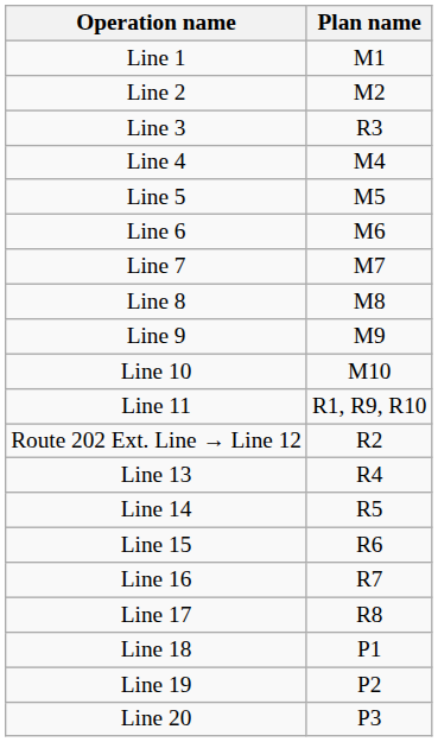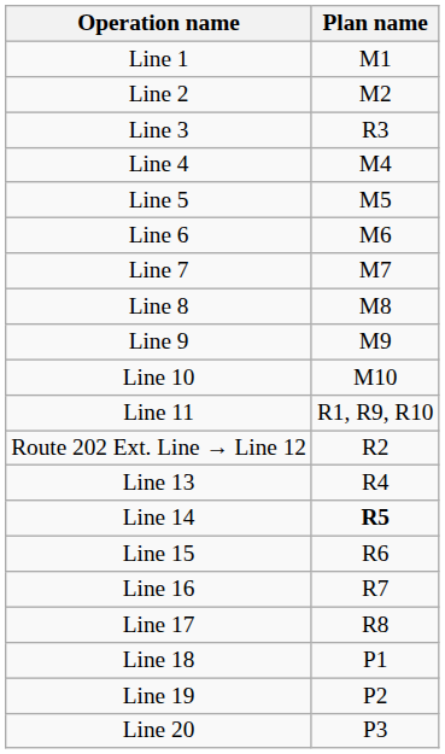 <table class="wikitable" style="text-align:center; font-size:90%; line-height:1.05">
 <tr>
 <th>Operation name</th>
 <th>Plan name</th>
 </tr>
 <tr>
 <td>Line 1</td>
 <td>M1</td>
 </tr>
 <tr>
 <td>Line 2</td>
 <td>M2</td>
 </tr>
 <tr>
 <td>Line 3</td>
 <td>R3</td>
 </tr>
 <tr>
 <td>Line 4</td>
 <td>M4</td>
 </tr>
 <tr>
 <td>Line 5</td>
 <td>M5</td>
 </tr>
 <tr>
 <td>Line 6</td>
 <td>M6</td>
 </tr>
 <tr>
 <td>Line 7</td>
 <td>M7</td>
 </tr>
 <tr>
 <td>Line 8</td>
 <td>M8</td>
 </tr>
 <tr>
 <td>Line 9</td>
 <td>M9</td>
 </tr>
 <tr>
 <td>Line 10</td>
 <td>M10</td>
 </tr>
 <tr>
 <td>Line 11</td>
 <td>R1, R9, R10</td>
 </tr>
 <tr>
 <td>Route 202 Ext. Line → Line 12</td>
 <td>R2</td>
 </tr>
 <tr>
 <td>Line 13</td>
 <td>R4</td>
 </tr>
 <tr>
 <td>Line 14</td>
-<td>R5</td>
+<td><strong>R5</strong></td>
 </tr>
 <tr>
 <td>Line 15</td>
 <td>R6</td>
 </tr>
 <tr>
 <td>Line 16</td>
 <td>R7</td>
 </tr>
 <tr>
 <td>Line 17</td>
 <td>R8</td>
 </tr>
 <tr>
 <td>Line 18</td>
 <td>P1</td>
 </tr>
 <tr>
 <td>Line 19</td>
 <td>P2</td>
 </tr>
 <tr>
 <td>Line 20</td>
 <td>P3</td>
 </tr>
 </table>
